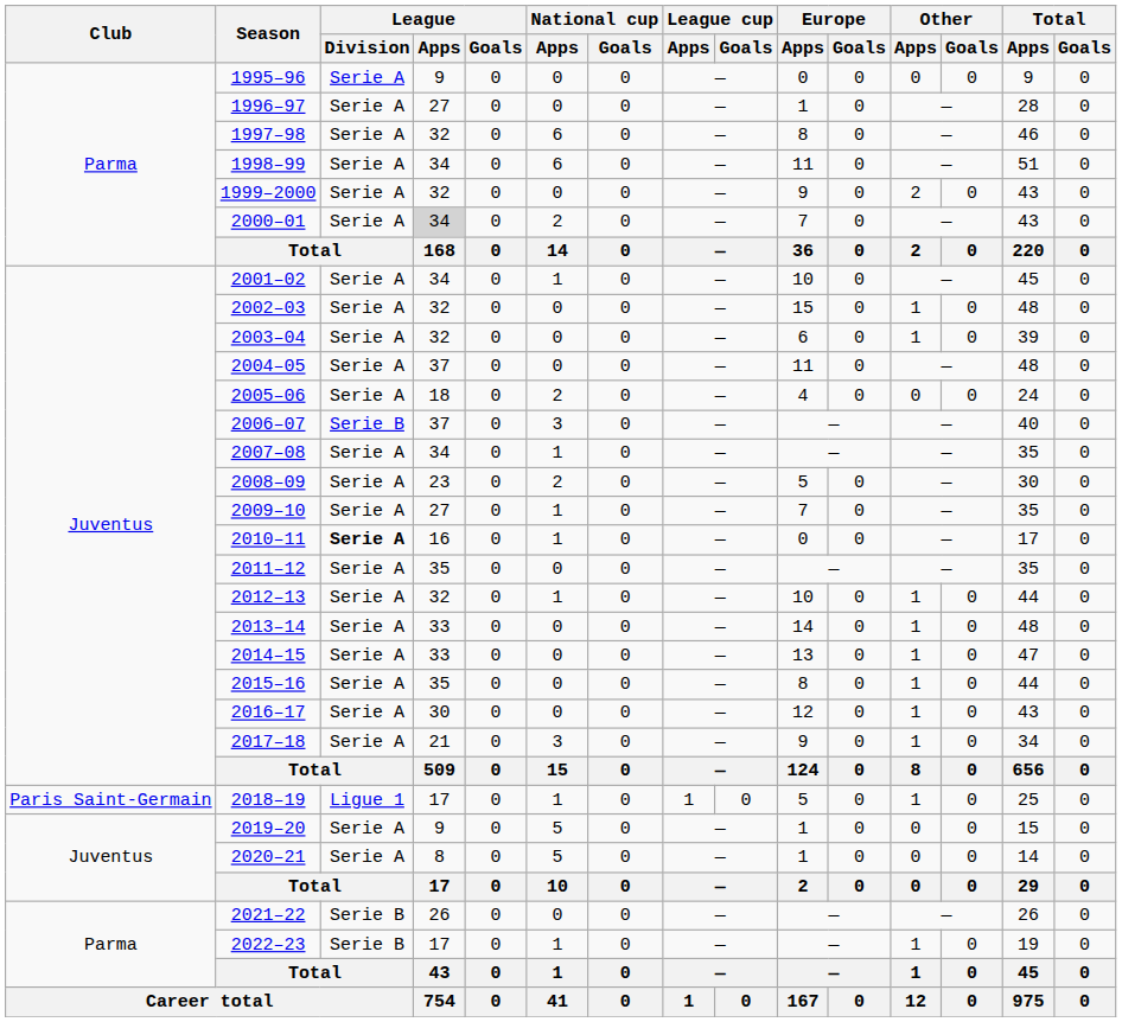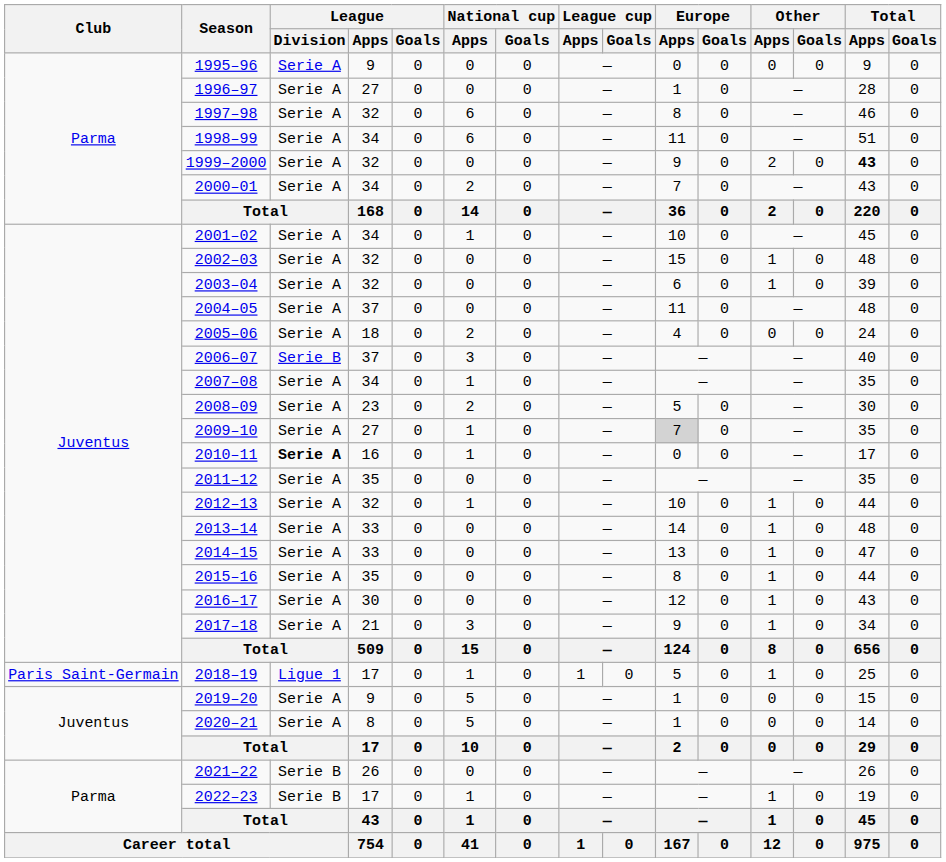 <table class="wikitable" style="text-align:center">
 <tr>
 <th rowspan="2">Club</th>
 <th rowspan="2">Season</th>
 <th colspan="3">League</th>
 <th colspan="2">National cup</th>
 <th colspan="2">League cup</th>
 <th colspan="2">Europe</th>
 <th colspan="2">Other</th>
 <th colspan="2">Total</th>
 </tr>
 <tr>
 <th>Division</th>
 <th>Apps</th>
 <th>Goals</th>
 <th>Apps</th>
 <th>Goals</th>
 <th>Apps</th>
 <th>Goals</th>
 <th>Apps</th>
 <th>Goals</th>
 <th>Apps</th>
 <th>Goals</th>
 <th>Apps</th>
 <th>Goals</th>
 </tr>
 <tr>
 <td rowspan="7"><a href='#'>Parma</a></td>
 <td><a href='#'>1995–96</a></td>
 <td><a href='#'>Serie A</a></td>
 <td>9</td>
 <td>0</td>
 <td>0</td>
 <td>0</td>
 <td colspan="2">—</td>
 <td>0</td>
 <td>0</td>
 <td>0</td>
 <td>0</td>
 <td>9</td>
 <td>0</td>
 </tr>
 <tr>
 <td><a href='#'>1996–97</a></td>
 <td>Serie A</td>
 <td>27</td>
 <td>0</td>
 <td>0</td>
 <td>0</td>
 <td colspan="2">—</td>
 <td>1</td>
 <td>0</td>
 <td colspan="2">—</td>
 <td>28</td>
 <td>0</td>
 </tr>
 <tr>
 <td><a href='#'>1997–98</a></td>
 <td>Serie A</td>
 <td>32</td>
 <td>0</td>
 <td>6</td>
 <td>0</td>
 <td colspan="2">—</td>
 <td>8</td>
 <td>0</td>
 <td colspan="2">—</td>
 <td>46</td>
 <td>0</td>
 </tr>
 <tr>
 <td><a href='#'>1998–99</a></td>
 <td>Serie A</td>
 <td>34</td>
 <td>0</td>
 <td>6</td>
 <td>0</td>
 <td colspan="2">—</td>
 <td>11</td>
 <td>0</td>
 <td colspan="2">—</td>
 <td>51</td>
 <td>0</td>
 </tr>
 <tr>
 <td><a href='#'>1999–2000</a></td>
 <td>Serie A</td>
 <td>32</td>
 <td>0</td>
 <td>0</td>
 <td>0</td>
 <td colspan="2">—</td>
 <td>9</td>
 <td>0</td>
 <td>2</td>
 <td>0</td>
-<td>43</td>
+<td><strong>43</strong></td>
 <td>0</td>
 </tr>
 <tr>
 <td><a href='#'>2000–01</a></td>
 <td>Serie A</td>
-<td style="background: lightgrey;">34</td>
+<td>34</td>
 <td>0</td>
 <td>2</td>
 <td>0</td>
 <td colspan="2">—</td>
 <td>7</td>
 <td>0</td>
 <td colspan="2">—</td>
 <td>43</td>
 <td>0</td>
 </tr>
 <tr>
 <th colspan="2">Total</th>
 <th>168</th>
 <th>0</th>
 <th>14</th>
 <th>0</th>
 <th colspan="2">—</th>
 <th>36</th>
 <th>0</th>
 <th>2</th>
 <th>0</th>
 <th>220</th>
 <th>0</th>
 </tr>
 <tr>
 <td rowspan="18"><a href='#'>Juventus</a></td>
 <td><a href='#'>2001–02</a></td>
 <td>Serie A</td>
 <td>34</td>
 <td>0</td>
 <td>1</td>
 <td>0</td>
 <td colspan="2">—</td>
 <td>10</td>
 <td>0</td>
 <td colspan="2">—</td>
 <td>45</td>
 <td>0</td>
 </tr>
 <tr>
 <td><a href='#'>2002–03</a></td>
 <td>Serie A</td>
 <td>32</td>
 <td>0</td>
 <td>0</td>
 <td>0</td>
 <td colspan="2">—</td>
 <td>15</td>
 <td>0</td>
 <td>1</td>
 <td>0</td>
 <td>48</td>
 <td>0</td>
 </tr>
 <tr>
 <td><a href='#'>2003–04</a></td>
 <td>Serie A</td>
 <td>32</td>
 <td>0</td>
 <td>0</td>
 <td>0</td>
 <td colspan="2">—</td>
 <td>6</td>
 <td>0</td>
 <td>1</td>
 <td>0</td>
 <td>39</td>
 <td>0</td>
 </tr>
 <tr>
 <td><a href='#'>2004–05</a></td>
 <td>Serie A</td>
 <td>37</td>
 <td>0</td>
 <td>0</td>
 <td>0</td>
 <td colspan="2">—</td>
 <td>11</td>
 <td>0</td>
 <td colspan="2">—</td>
 <td>48</td>
 <td>0</td>
 </tr>
 <tr>
 <td><a href='#'>2005–06</a></td>
 <td>Serie A</td>
 <td>18</td>
 <td>0</td>
 <td>2</td>
 <td>0</td>
 <td colspan="2">—</td>
 <td>4</td>
 <td>0</td>
 <td>0</td>
 <td>0</td>
 <td>24</td>
 <td>0</td>
 </tr>
 <tr>
 <td><a href='#'>2006–07</a></td>
 <td><a href='#'>Serie B</a></td>
 <td>37</td>
 <td>0</td>
 <td>3</td>
 <td>0</td>
 <td colspan="2">—</td>
 <td colspan="2">—</td>
 <td colspan="2">—</td>
 <td>40</td>
 <td>0</td>
 </tr>
 <tr>
 <td><a href='#'>2007–08</a></td>
 <td>Serie A</td>
 <td>34</td>
 <td>0</td>
 <td>1</td>
 <td>0</td>
 <td colspan="2">—</td>
 <td colspan="2">—</td>
 <td colspan="2">—</td>
 <td>35</td>
 <td>0</td>
 </tr>
 <tr>
 <td><a href='#'>2008–09</a></td>
 <td>Serie A</td>
 <td>23</td>
 <td>0</td>
 <td>2</td>
 <td>0</td>
 <td colspan="2">—</td>
 <td>5</td>
 <td>0</td>
 <td colspan="2">—</td>
 <td>30</td>
 <td>0</td>
 </tr>
 <tr>
 <td><a href='#'>2009–10</a></td>
 <td>Serie A</td>
 <td>27</td>
 <td>0</td>
 <td>1</td>
 <td>0</td>
 <td colspan="2">—</td>
-<td>7</td>
+<td style="background: lightgrey;">7</td>
 <td>0</td>
 <td colspan="2">—</td>
 <td>35</td>
 <td>0</td>
 </tr>
 <tr>
 <td><a href='#'>2010–11</a></td>
 <td><strong>Serie A</strong></td>
 <td>16</td>
 <td>0</td>
 <td>1</td>
 <td>0</td>
 <td colspan="2">—</td>
 <td>0</td>
 <td>0</td>
 <td colspan="2">—</td>
 <td>17</td>
 <td>0</td>
 </tr>
 <tr>
 <td><a href='#'>2011–12</a></td>
 <td>Serie A</td>
 <td>35</td>
 <td>0</td>
 <td>0</td>
 <td>0</td>
 <td colspan="2">—</td>
 <td colspan="2">—</td>
 <td colspan="2">—</td>
 <td>35</td>
 <td>0</td>
 </tr>
 <tr>
 <td><a href='#'>2012–13</a></td>
 <td>Serie A</td>
 <td>32</td>
 <td>0</td>
 <td>1</td>
 <td>0</td>
 <td colspan="2">—</td>
 <td>10</td>
 <td>0</td>
 <td>1</td>
 <td>0</td>
 <td>44</td>
 <td>0</td>
 </tr>
 <tr>
 <td><a href='#'>2013–14</a></td>
 <td>Serie A</td>
 <td>33</td>
 <td>0</td>
 <td>0</td>
 <td>0</td>
 <td colspan="2">—</td>
 <td>14</td>
 <td>0</td>
 <td>1</td>
 <td>0</td>
 <td>48</td>
 <td>0</td>
 </tr>
 <tr>
 <td><a href='#'>2014–15</a></td>
 <td>Serie A</td>
 <td>33</td>
 <td>0</td>
 <td>0</td>
 <td>0</td>
 <td colspan="2">—</td>
 <td>13</td>
 <td>0</td>
 <td>1</td>
 <td>0</td>
 <td>47</td>
 <td>0</td>
 </tr>
 <tr>
 <td><a href='#'>2015–16</a></td>
 <td>Serie A</td>
 <td>35</td>
 <td>0</td>
 <td>0</td>
 <td>0</td>
 <td colspan="2">—</td>
 <td>8</td>
 <td>0</td>
 <td>1</td>
 <td>0</td>
 <td>44</td>
 <td>0</td>
 </tr>
 <tr>
 <td><a href='#'>2016–17</a></td>
 <td>Serie A</td>
 <td>30</td>
 <td>0</td>
 <td>0</td>
 <td>0</td>
 <td colspan="2">—</td>
 <td>12</td>
 <td>0</td>
 <td>1</td>
 <td>0</td>
 <td>43</td>
 <td>0</td>
 </tr>
 <tr>
 <td><a href='#'>2017–18</a></td>
 <td>Serie A</td>
 <td>21</td>
 <td>0</td>
 <td>3</td>
 <td>0</td>
 <td colspan="2">—</td>
 <td>9</td>
 <td>0</td>
 <td>1</td>
 <td>0</td>
 <td>34</td>
 <td>0</td>
 </tr>
 <tr>
 <th colspan="2">Total</th>
 <th>509</th>
 <th>0</th>
 <th>15</th>
 <th>0</th>
 <th colspan="2">—</th>
 <th>124</th>
 <th>0</th>
 <th>8</th>
 <th>0</th>
 <th>656</th>
 <th>0</th>
 </tr>
 <tr>
 <td><a href='#'>Paris Saint-Germain</a></td>
 <td><a href='#'>2018–19</a></td>
 <td><a href='#'>Ligue 1</a></td>
 <td>17</td>
 <td>0</td>
 <td>1</td>
 <td>0</td>
 <td>1</td>
 <td>0</td>
 <td>5</td>
 <td>0</td>
 <td>1</td>
 <td>0</td>
 <td>25</td>
 <td>0</td>
 </tr>
 <tr>
 <td rowspan="3">Juventus</td>
 <td><a href='#'>2019–20</a></td>
 <td>Serie A</td>
 <td>9</td>
 <td>0</td>
 <td>5</td>
 <td>0</td>
 <td colspan="2">—</td>
 <td>1</td>
 <td>0</td>
 <td>0</td>
 <td>0</td>
 <td>15</td>
 <td>0</td>
 </tr>
 <tr>
 <td><a href='#'>2020–21</a></td>
 <td>Serie A</td>
 <td>8</td>
 <td>0</td>
 <td>5</td>
 <td>0</td>
 <td colspan="2">—</td>
 <td>1</td>
 <td>0</td>
 <td>0</td>
 <td>0</td>
 <td>14</td>
 <td>0</td>
 </tr>
 <tr>
 <th colspan="2">Total</th>
 <th>17</th>
 <th>0</th>
 <th>10</th>
 <th>0</th>
 <th colspan="2">—</th>
 <th>2</th>
 <th>0</th>
 <th>0</th>
 <th>0</th>
 <th>29</th>
 <th>0</th>
 </tr>
 <tr>
 <td rowspan="3">Parma</td>
 <td><a href='#'>2021–22</a></td>
 <td>Serie B</td>
 <td>26</td>
 <td>0</td>
 <td>0</td>
 <td>0</td>
 <td colspan="2">—</td>
 <td colspan="2">—</td>
 <td colspan="2">—</td>
 <td>26</td>
 <td>0</td>
 </tr>
 <tr>
 <td><a href='#'>2022–23</a></td>
 <td>Serie B</td>
 <td>17</td>
 <td>0</td>
 <td>1</td>
 <td>0</td>
 <td colspan="2">—</td>
 <td colspan="2">—</td>
 <td>1</td>
 <td>0</td>
 <td>19</td>
 <td>0</td>
 </tr>
 <tr>
 <th colspan="2">Total</th>
 <th>43</th>
 <th>0</th>
 <th>1</th>
 <th>0</th>
 <th colspan="2">—</th>
 <th colspan="2">—</th>
 <th>1</th>
 <th>0</th>
 <th>45</th>
 <th>0</th>
 </tr>
 <tr>
 <th colspan="3">Career total</th>
 <th>754</th>
 <th>0</th>
 <th>41</th>
 <th>0</th>
 <th>1</th>
 <th>0</th>
 <th>167</th>
 <th>0</th>
 <th>12</th>
 <th>0</th>
 <th>975</th>
 <th>0</th>
 </tr>
 </table>
